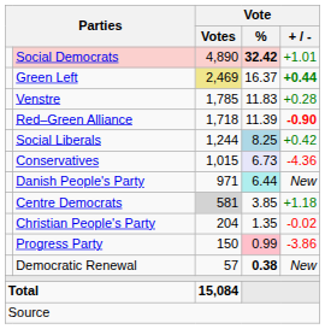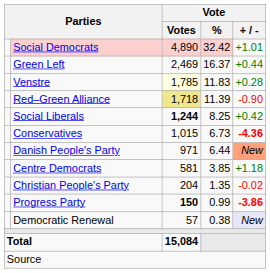 <table class="wikitable" style="text-align:right;">
 <tr>
 <th style="text-align:centre;" rowspan="2" colspan="2" width="225">Parties</th>
 <th colspan="3">Vote</th>
 </tr>
 <tr>
 <th width="15">Votes</th>
 <th width="15">%</th>
 <th width="15">+ / -</th>
 </tr>
 <tr>
 <td width="2" style="color:inherit;background:"></td>
 <td bgcolor=#fbd0ce  align="left"><a href='#'>Social Democrats</a></td>
 <td bgcolor=#fbd0ce>4,890</td>
-<td bgcolor=#fbd0ce><strong>32.42</strong></td>
+<td bgcolor=#fbd0ce>32.42</td>
 <td style=color:green;>+1.01</td>
 </tr>
 <tr>
 <td width="2" style="color:inherit;background:"></td>
 <td align="left"><a href='#'>Green Left</a></td>
-<td style="background: khaki;">2,469</td>
+<td>2,469</td>
 <td>16.37</td>
-<td style=color:green;><strong>+0.44</strong></td>
+<td style=color:green;>+0.44</td>
 </tr>
 <tr>
 <td width="2" style="color:inherit;background:"></td>
 <td align="left"><a href='#'>Venstre</a></td>
-<td>1,785</td>
+<td style="background: lightyellow;">1,785</td>
 <td>11.83</td>
 <td style=color:green;>+0.28</td>
 </tr>
 <tr>
 <td width="2" style="color:inherit;background:"></td>
 <td align="left"><a href='#'>Red–Green Alliance</a></td>
-<td>1,718</td>
+<td style="background: khaki;">1,718</td>
 <td>11.39</td>
-<td style=color:red;><strong>-0.90</strong></td>
+<td style=color:red;>-0.90</td>
 </tr>
 <tr>
 <td width="2" style="color:inherit;background:"></td>
 <td align="left"><a href='#'>Social Liberals</a></td>
-<td>1,244</td>
-<td style="background: lightblue;">8.25</td>
+<td><strong>1,244</strong></td>
+<td>8.25</td>
 <td style=color:green;>+0.42</td>
 </tr>
 <tr>
 <td width="2" style="color:inherit;background:"></td>
 <td align="left"><a href='#'>Conservatives</a></td>
 <td>1,015</td>
-<td style="background: lavender;">6.73</td>
-<td style=color:red;>-4.36</td>
+<td>6.73</td>
+<td style=color:red;><strong>-4.36</strong></td>
 </tr>
 <tr>
 <td width="2" style="color:inherit;background:"></td>
 <td align="left"><a href='#'>Danish People's Party</a></td>
 <td>971</td>
-<td style="background: paleturquoise;">6.44</td>
-<td><em>New</em></td>
+<td>6.44</td>
+<td style="background: lightsalmon;"><em>New</em></td>
 </tr>
 <tr>
 <td width="2" style="color:inherit;background:"></td>
 <td align="left"><a href='#'>Centre Democrats</a></td>
-<td style="background: lightgrey;">581</td>
+<td>581</td>
 <td>3.85</td>
 <td style=color:green;>+1.18</td>
 </tr>
 <tr>
 <td width="2" style="color:inherit;background:"></td>
 <td align="left"><a href='#'>Christian People's Party</a></td>
 <td>204</td>
 <td>1.35</td>
 <td style=color:red;>-0.02</td>
 </tr>
 <tr>
 <td width="2" style="color:inherit;background:"></td>
 <td align="left"><a href='#'>Progress Party</a></td>
-<td>150</td>
-<td style="background: pink;">0.99</td>
-<td style=color:red;>-3.86</td>
+<td><strong>150</strong></td>
+<td>0.99</td>
+<td style=color:red;><strong>-3.86</strong></td>
 </tr>
 <tr>
 <td width="2" style="color:inherit;background:"></td>
 <td align="left">Democratic Renewal</td>
 <td>57</td>
-<td><strong>0.38</strong></td>
-<td><em>New</em></td>
+<td>0.38</td>
+<td style="background: lavender;"><em>New</em></td>
 </tr>
 <tr>
 <td colspan="7" bgcolor="#E9E9E9"></td>
 </tr>
 <tr>
 <td align="left" colspan="2"><strong>Total</strong></td>
 <td><strong>15,084</strong></td>
 <td bgcolor="#E9E9E9" colspan="2"></td>
 </tr>
 <tr>
 <td align="left" colspan="6">Source</td>
 </tr>
 </table>
